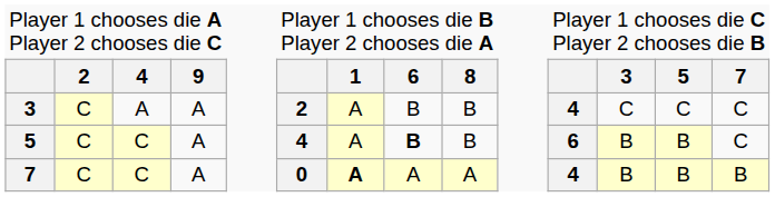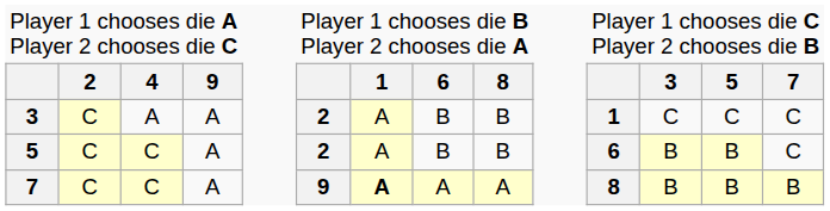 <table class="wikitable" style="border:none; text-align:center;margin:0 auto;">
 <tr>
 <td colspan="4" style="border:none;">Player 1 chooses die <strong>A</strong><br>Player 2 chooses die <strong>C</strong></td>
 <td rowspan="5" style="border:none;width:2em;"></td>
 <td colspan="4" style="border:none;">Player 1 chooses die <strong>B</strong><br>Player 2 chooses die <strong>A</strong></td>
 <td rowspan="5" style="border:none;width:2em;"></td>
 <td colspan="4" style="border:none;">Player 1 chooses die <strong>C</strong><br>Player 2 chooses die <strong>B</strong></td>
 </tr>
 <tr>
 <th></th>
 <th>2</th>
 <th>4</th>
 <th>9</th>
 <th></th>
 <th>1</th>
 <th>6</th>
 <th>8</th>
 <th></th>
 <th>3</th>
 <th>5</th>
 <th>7</th>
 </tr>
 <tr>
 <th>3</th>
 <td style="background:#ffc;">C</td>
 <td>A</td>
 <td>A</td>
 <th>2</th>
 <td style="background:#ffc;">A</td>
 <td>B</td>
 <td>B</td>
-<th>4</th>
+<th>1</th>
 <td>C</td>
 <td>C</td>
 <td>C</td>
 </tr>
 <tr>
 <th>5</th>
 <td style="background:#ffc;">C</td>
 <td style="background:#ffc;">C</td>
 <td>A</td>
-<th>4</th>
+<th>2</th>
 <td style="background:#ffc;">A</td>
-<td><strong>B</strong></td>
+<td>B</td>
 <td>B</td>
 <th>6</th>
 <td style="background:#ffc;">B</td>
 <td style="background:#ffc;">B</td>
 <td>C</td>
 </tr>
 <tr>
 <th>7</th>
 <td style="background:#ffc;">C</td>
 <td style="background:#ffc;">C</td>
 <td>A</td>
-<th>0</th>
+<th>9</th>
 <td style="background:#ffc;"><strong>A</strong></td>
 <td style="background:#ffc;">A</td>
 <td style="background:#ffc;">A</td>
-<th>4</th>
+<th>8</th>
 <td style="background:#ffc;">B</td>
 <td style="background:#ffc;">B</td>
 <td style="background:#ffc;">B</td>
 </tr>
 </table>
